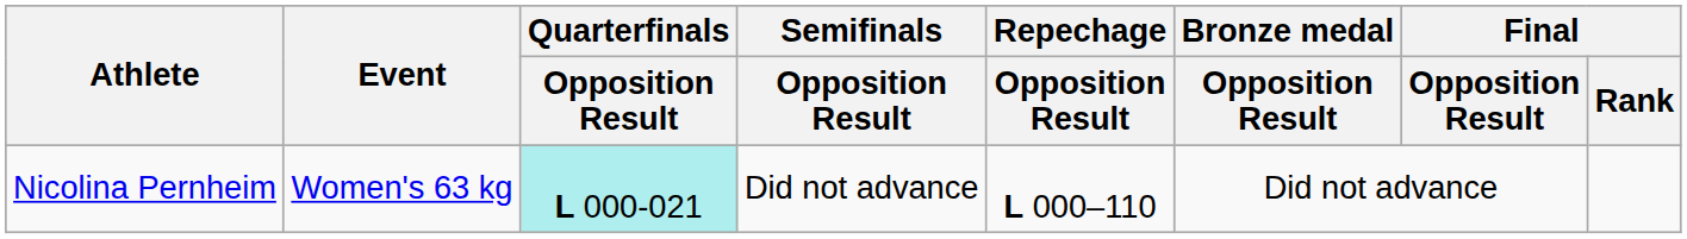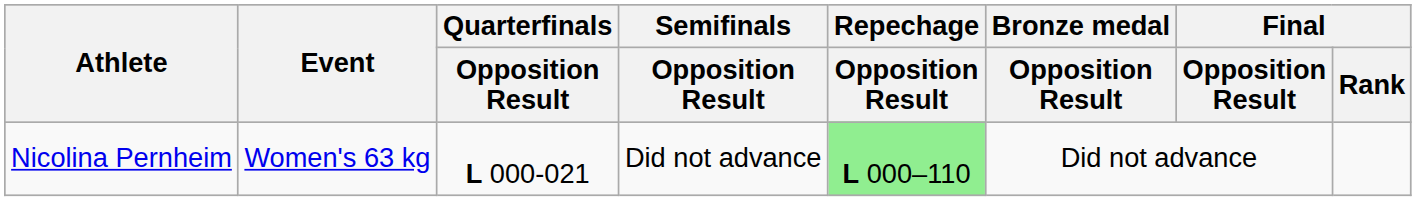 <table class=wikitable>
 <tr>
 <th rowspan="2">Athlete</th>
 <th rowspan="2">Event</th>
 <th>Quarterfinals</th>
 <th>Semifinals</th>
 <th>Repechage</th>
 <th>Bronze medal</th>
 <th colspan="2">Final</th>
 </tr>
 <tr>
 <th>Opposition<br>Result</th>
 <th>Opposition<br>Result</th>
 <th>Opposition<br>Result</th>
 <th>Opposition<br>Result</th>
 <th>Opposition<br>Result</th>
 <th>Rank</th>
 </tr>
 <tr>
 <td><a href='#'>Nicolina Pernheim</a></td>
 <td><a href='#'>Women's 63 kg</a></td>
-<td align=center style="background: paleturquoise;"><br><strong>L</strong> 000-021</td>
+<td align=center><br><strong>L</strong> 000-021</td>
 <td align=center>Did not advance</td>
-<td align=center><br><strong>L</strong> 000–110</td>
+<td align=center style="background: lightgreen;"><br><strong>L</strong> 000–110</td>
 <td colspan=2 align=center>Did not advance</td>
 <td align=center></td>
 </tr>
 </table>
